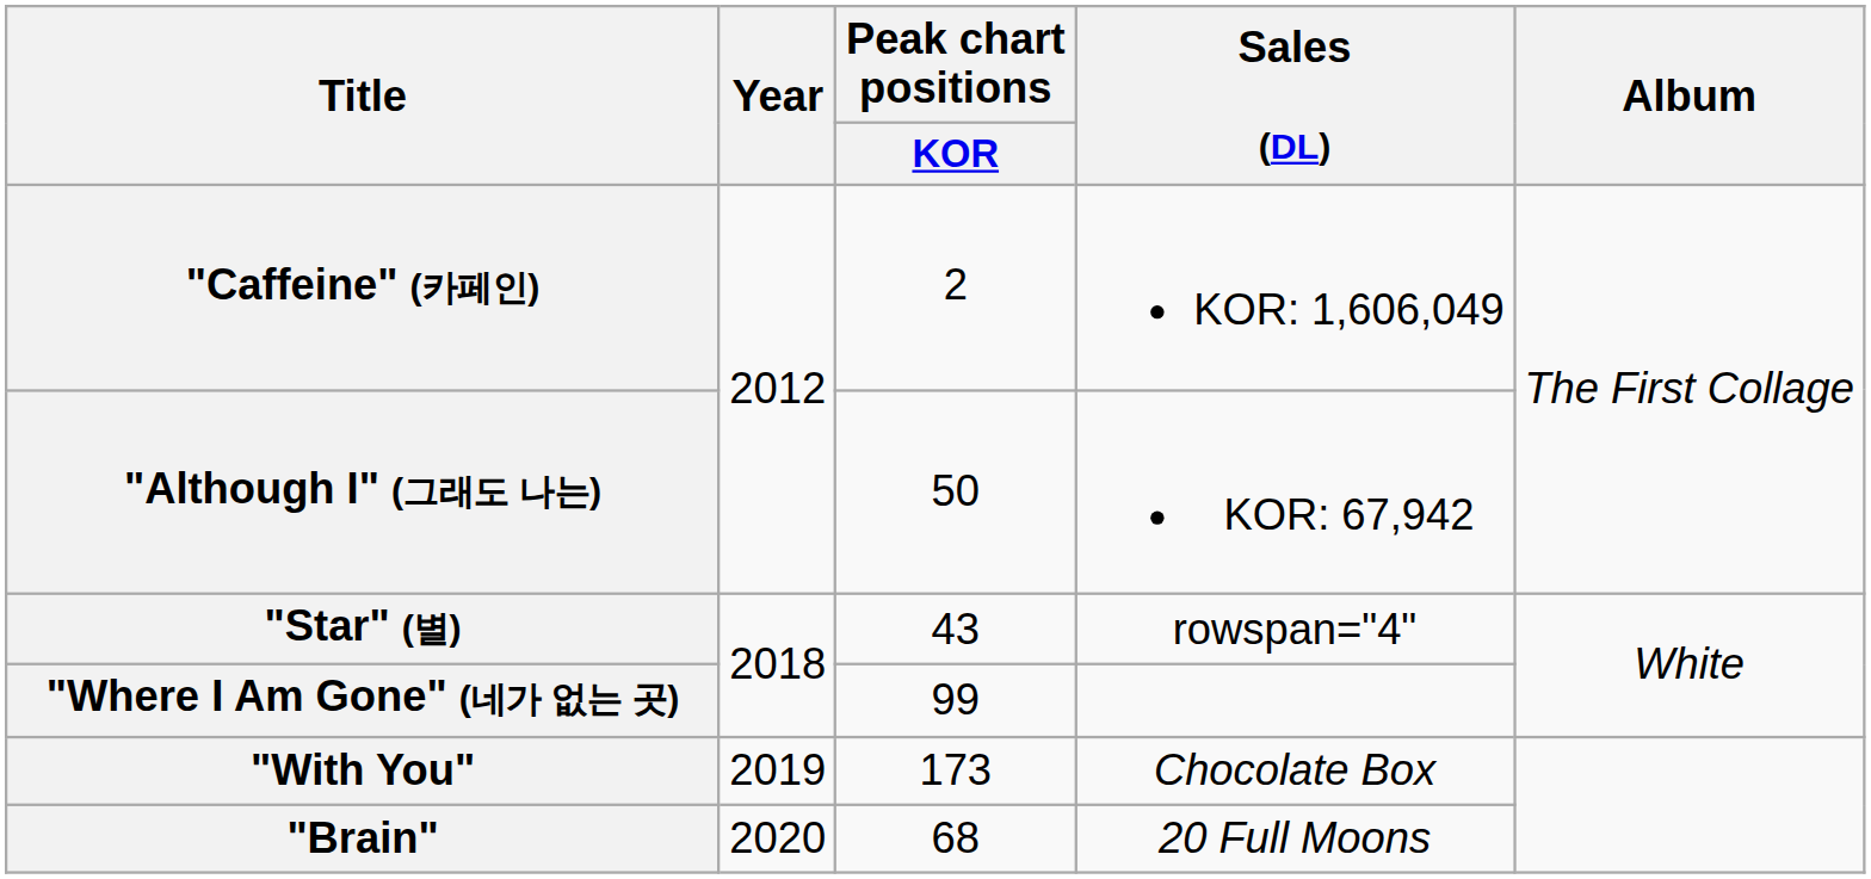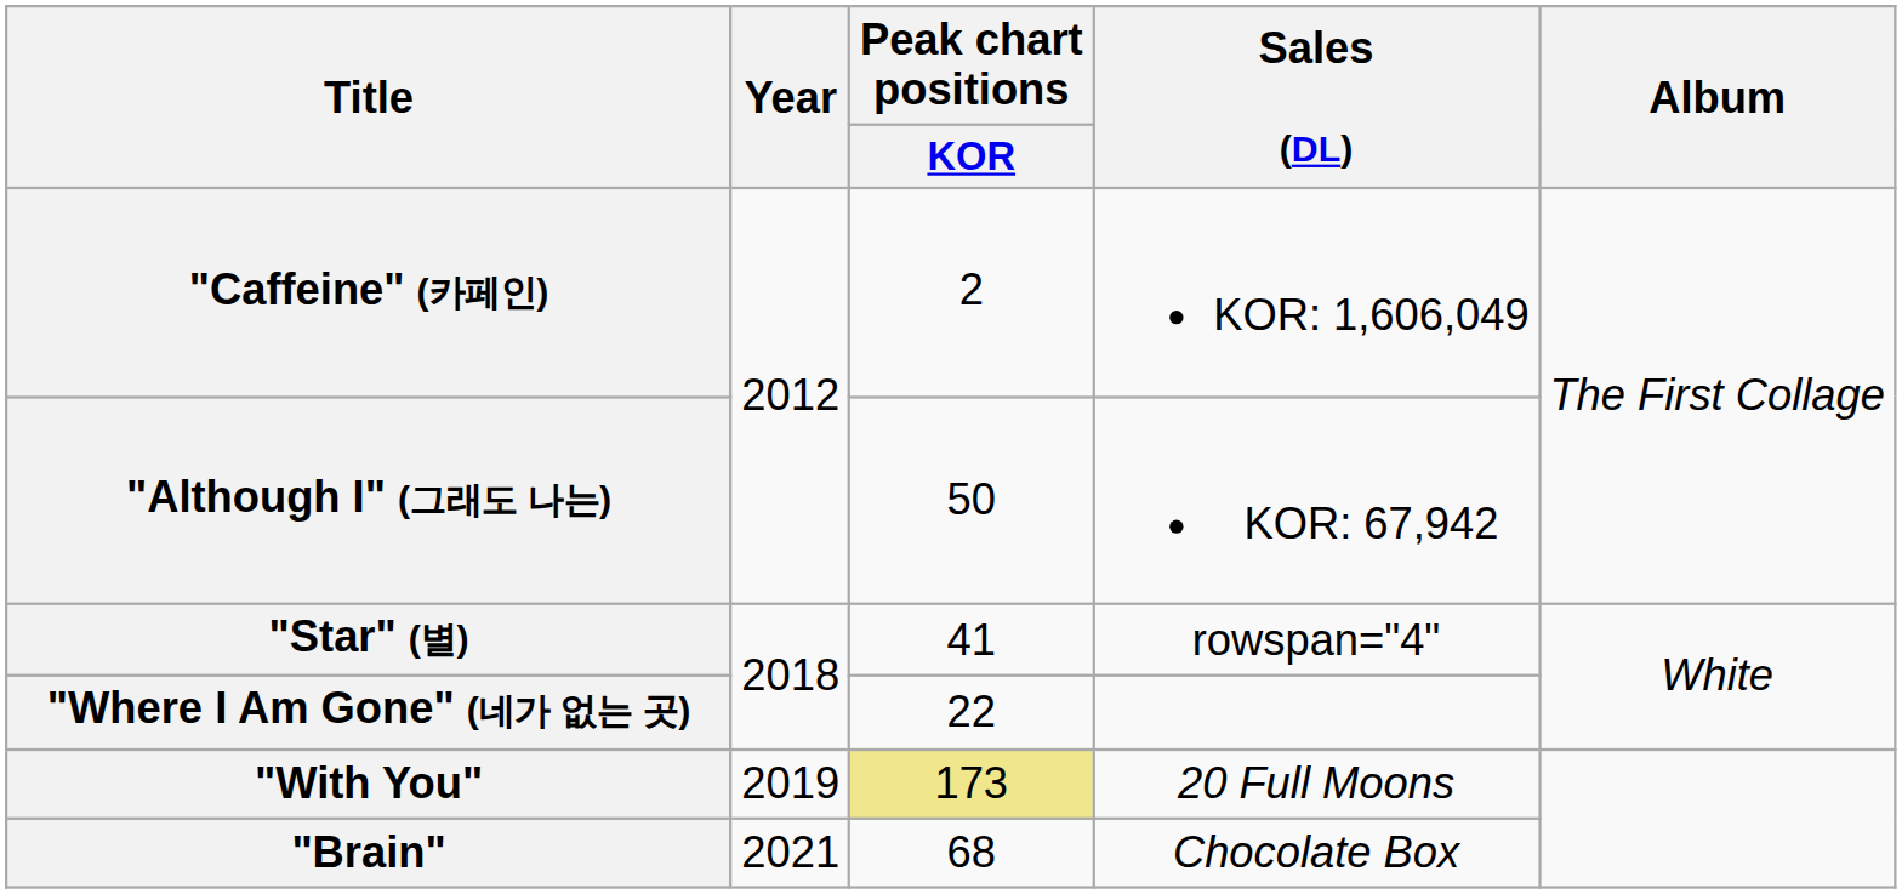 <table class="wikitable plainrowheaders" style="text-align:center;">
 <tr>
 <th rowspan="2" style="width:16em;">Title</th>
 <th rowspan="2">Year</th>
 <th colspan="1">Peak chart <br> positions</th>
 <th rowspan="2">Sales <br><br><small>(<a href='#'>DL</a>)</small></th>
 <th rowspan="2">Album</th>
 </tr>
 <tr>
 <th style="width=3em;font-size:90%"><a href='#'>KOR</a><br></th>
 </tr>
 <tr>
 <th scope="row">"Caffeine" <small>(카페인)</small></th>
 <td rowspan="2">2012</td>
 <td>2</td>
 <td><br><ul><li>KOR: 1,606,049</li></ul></td>
 <td rowspan="2"><em>The First Collage</em></td>
 </tr>
 <tr>
 <th scope="row">"Although I" <small>(그래도 나는)</small></th>
 <td>50</td>
 <td><br><ul><li>KOR: 67,942</li></ul></td>
 </tr>
 <tr>
 <th scope="row">"Star" <small>(별)</small></th>
 <td rowspan="2">2018</td>
-<td>43</td>
+<td>41</td>
 <td>rowspan="4" </td>
 <td rowspan="2"><em>White</em></td>
 </tr>
 <tr>
 <th scope="row">"Where I Am Gone" <small>(네가 없는 곳)</small></th>
-<td>99</td>
+<td>22</td>
 </tr>
 <tr>
 <th scope="row">"With You"</th>
 <td>2019</td>
-<td>173</td>
-<td><em>Chocolate Box</em></td>
+<td style="background: khaki;">173</td>
+<td><em>20 Full Moons</em></td>
 </tr>
 <tr>
 <th scope="row">"Brain"</th>
-<td>2020</td>
+<td>2021</td>
 <td>68</td>
-<td><em>20 Full Moons</em></td>
+<td><em>Chocolate Box</em></td>
 </tr>
 </table>
